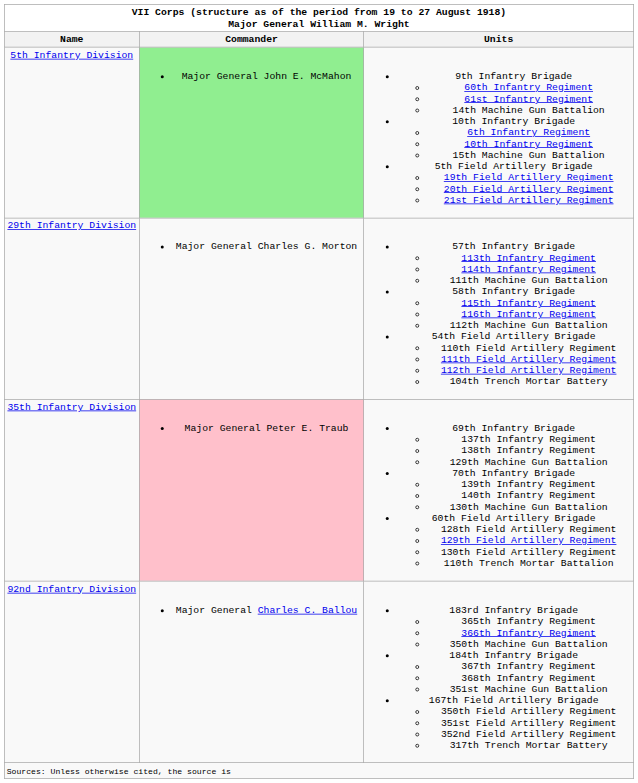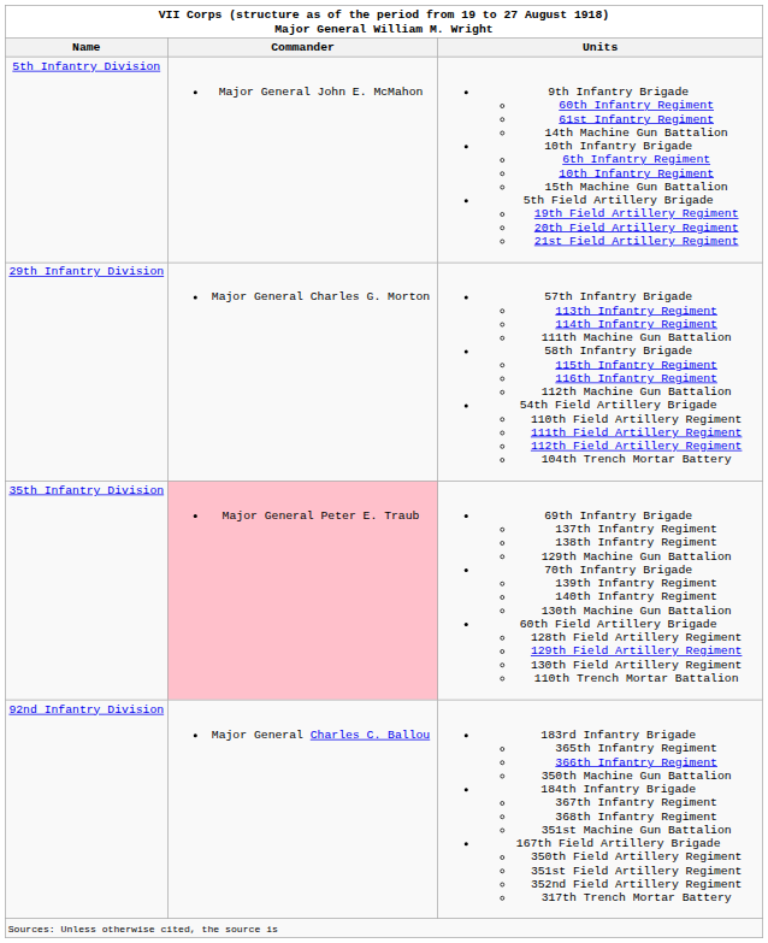 <table class="wikitable" style="width:95%;">
 <tr valign="top">
 <th colspan="11" style="background:white;">VII Corps (structure as of the period from 19 to 27 August 1918)<br>Major General William M. Wright</th>
 </tr>
 <tr valign="top"|- valign="top">
 <th style="width:15%; text-align:center;">Name</th>
 <th style="width:25%; text-align:center;">Commander</th>
 <th style="width:30%; text-align:center;">Units</th>
 </tr>
 <tr valign="top">
 <td align=center><a href='#'>5th Infantry Division</a></td>
-<td align=center style="background: lightgreen;"><br><ul><li>Major General John E. McMahon</li></ul></td>
+<td align=center><br><ul><li>Major General John E. McMahon</li></ul></td>
 <td align=center><br><ul><li>9th Infantry Brigade<ul><li><a href='#'>60th Infantry Regiment</a></li><li><a href='#'>61st Infantry Regiment</a></li><li>14th Machine Gun Battalion</li></ul></li><li>10th Infantry Brigade<ul><li><a href='#'>6th Infantry Regiment</a></li><li><a href='#'>10th Infantry Regiment</a></li><li>15th Machine Gun Battalion</li></ul></li><li>5th Field Artillery Brigade<ul><li><a href='#'>19th Field Artillery Regiment</a></li><li><a href='#'>20th Field Artillery Regiment</a></li><li><a href='#'>21st Field Artillery Regiment</a></li></ul></li></ul></td>
 </tr>
 <tr valign="top">
 <td align=center><a href='#'>29th Infantry Division</a></td>
 <td align=center><br><ul><li>Major General Charles G. Morton</li></ul></td>
 <td align=center><br><ul><li>57th Infantry Brigade<ul><li><a href='#'>113th Infantry Regiment</a></li><li><a href='#'>114th Infantry Regiment</a></li><li>111th Machine Gun Battalion</li></ul></li><li>58th Infantry Brigade<ul><li><a href='#'>115th Infantry Regiment</a></li><li><a href='#'>116th Infantry Regiment</a></li><li>112th Machine Gun Battalion</li></ul></li><li>54th Field Artillery Brigade<ul><li>110th Field Artillery Regiment</li><li><a href='#'>111th Field Artillery Regiment</a></li><li><a href='#'>112th Field Artillery Regiment</a></li><li>104th Trench Mortar Battery</li></ul></li></ul></td>
 </tr>
 <tr valign="top">
 <td align=center><a href='#'>35th Infantry Division</a></td>
 <td align=center style="background: pink;"><br><ul><li>Major General Peter E. Traub</li></ul></td>
 <td align=center><br><ul><li>69th Infantry Brigade<ul><li>137th Infantry Regiment</li><li>138th Infantry Regiment</li><li>129th Machine Gun Battalion</li></ul></li><li>70th Infantry Brigade<ul><li>139th Infantry Regiment</li><li>140th Infantry Regiment</li><li>130th Machine Gun Battalion</li></ul></li><li>60th Field Artillery Brigade<ul><li>128th Field Artillery Regiment</li><li><a href='#'>129th Field Artillery Regiment</a></li><li>130th Field Artillery Regiment</li><li>110th Trench Mortar Battalion</li></ul></li></ul></td>
 </tr>
 <tr valign="top">
 <td align=center><a href='#'>92nd Infantry Division</a></td>
 <td align=center><br><ul><li>Major General <a href='#'>Charles C. Ballou</a></li></ul></td>
 <td align=center><br><ul><li>183rd Infantry Brigade<ul><li>365th Infantry Regiment</li><li><a href='#'>366th Infantry Regiment</a></li><li>350th Machine Gun Battalion</li></ul></li><li>184th Infantry Brigade<ul><li>367th Infantry Regiment</li><li>368th Infantry Regiment</li><li>351st Machine Gun Battalion</li></ul></li><li>167th Field Artillery Brigade<ul><li>350th Field Artillery Regiment</li><li>351st Field Artillery Regiment</li><li>352nd Field Artillery Regiment</li><li>317th Trench Mortar Battery</li></ul></li></ul></td>
 </tr>
 <tr valign="top">
 <td colspan="9" style="text-align:left;"><small>Sources: Unless otherwise cited, the source is </small></td>
 </tr>
 </table>
